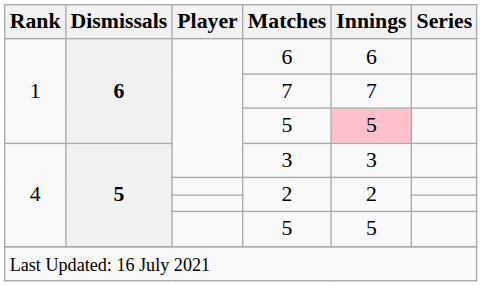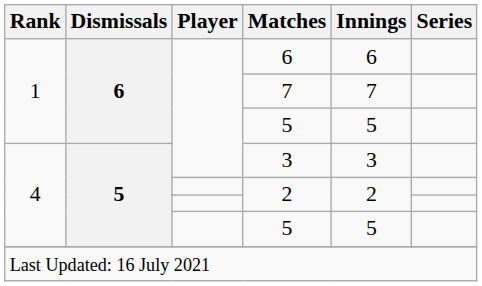 <table class="wikitable plainrowheaders sortable">
 <tr>
 <th scope=col>Rank</th>
 <th scope=col>Dismissals</th>
 <th scope=col>Player</th>
 <th scope=col>Matches</th>
 <th scope=col>Innings</th>
 <th scope=col>Series</th>
 </tr>
 <tr>
 <td align=center rowspan=3>1</td>
 <th scope=row style=text-align:center; rowspan=3>6</th>
 <td rowspan=4></td>
 <td align=center>6</td>
 <td align=center>6</td>
 <td></td>
 </tr>
 <tr>
 <td align=center>7</td>
 <td align=center>7</td>
 <td></td>
 </tr>
 <tr>
 <td align=center>5</td>
-<td align=center style="background: pink;">5</td>
+<td align=center>5</td>
 <td></td>
 </tr>
 <tr>
 <td align=center rowspan=4>4</td>
 <th scope=row style=text-align:center; rowspan=4>5</th>
 <td align=center>3</td>
 <td align=center>3</td>
 <td></td>
 </tr>
 <tr>
 <td></td>
 <td align=center rowspan=2>2</td>
 <td align=center rowspan=2>2</td>
 <td></td>
 </tr>
 <tr>
 <td></td>
 <td></td>
 </tr>
 <tr>
 <td></td>
 <td align=center>5</td>
 <td align=center>5</td>
 <td></td>
 </tr>
 <tr>
 </tr>
 <tr class=sortbottom>
 <td colspan=6><small>Last Updated: 16 July 2021</small></td>
 </tr>
 </table>
